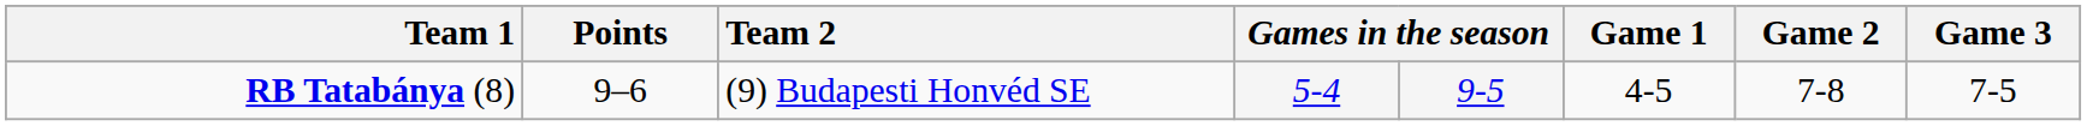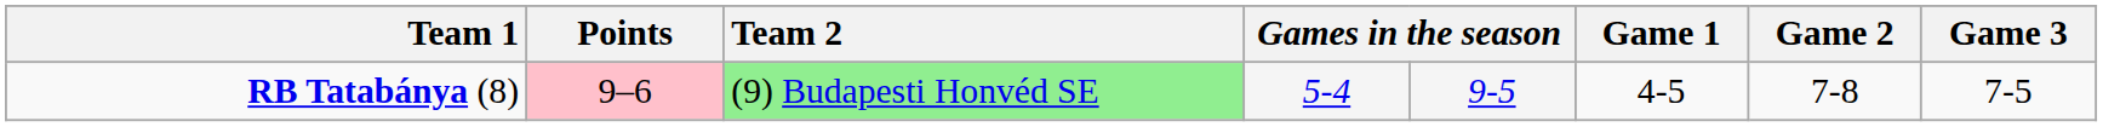 <table class=wikitable style="text-align:center">
 <tr>
 <th style="width:225px; text-align:right;">Team 1</th>
 <th style="width:80px;">Points</th>
 <th style="width:225px; text-align:left;">Team 2</th>
 <th colspan=2; style="width:140px;"><em>Games in the season</em></th>
 <th style="width:70px;">Game 1</th>
 <th style="width:70px;">Game 2</th>
 <th style="width:70px;">Game 3</th>
 </tr>
 <tr>
 <td align=right><strong><a href='#'>RB Tatabánya</a></strong> (8) </td>
-<td>9–6</td>
-<td align=left> (9) <a href='#'>Budapesti Honvéd SE</a></td>
+<td style="background: pink;">9–6</td>
+<td align=left style="background: lightgreen;"> (9) <a href='#'>Budapesti Honvéd SE</a></td>
 <td bgcolor=#f5f5f5><em><a href='#'>5-4</a></em></td>
 <td bgcolor=#f5f5f5><em><a href='#'>9-5</a></em></td>
 <td>4-5</td>
 <td>7-8</td>
 <td>7-5</td>
 </tr>
 </table>
